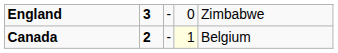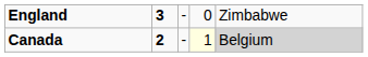 <table class="wikitable">
 <tr>
 <td width=150> <strong>England</strong></td>
 <td style="width:20px; text-align:left;"><strong>3</strong></td>
 <td>-</td>
 <td style="width:20px; text-align:right;">0</td>
 <td width=150> Zimbabwe</td>
 </tr>
 <tr>
 <td> <strong>Canada</strong></td>
 <td style="text-align:left;"><strong>2</strong></td>
 <td>-</td>
 <td style="background: lightyellow; text-align:right;">1</td>
-<td> Belgium</td>
+<td style="background: lightgrey;"> Belgium</td>
 </tr>
 </table>
